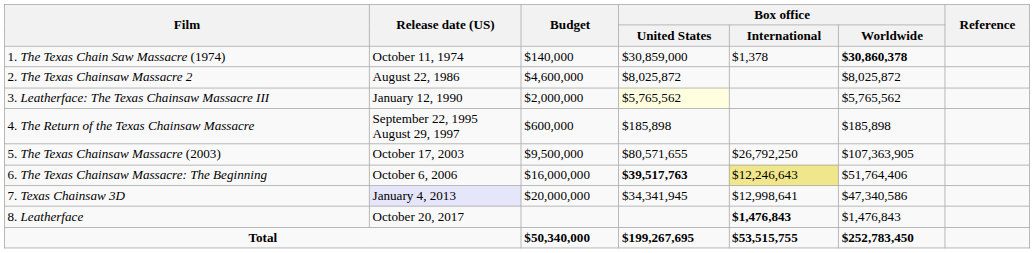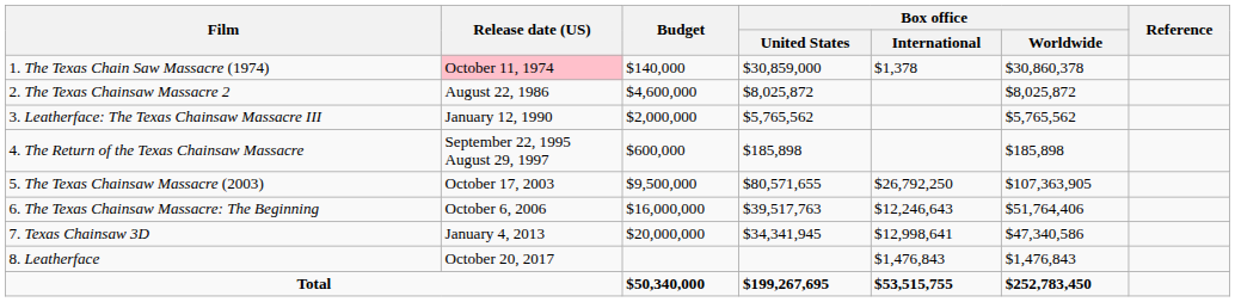 <table class="wikitable sortable" width=99% border="1">
 <tr>
 <th rowspan="2">Film</th>
 <th rowspan="2">Release date (US)</th>
 <th rowspan="2">Budget</th>
 <th colspan="3">Box office</th>
 <th rowspan="2">Reference</th>
 </tr>
 <tr>
 <th>United States</th>
 <th>International</th>
 <th>Worldwide</th>
 </tr>
 <tr>
 <td>1. <em>The Texas Chain Saw Massacre</em> (1974)</td>
-<td>October 11, 1974</td>
+<td style="background: pink;">October 11, 1974</td>
 <td>$140,000</td>
 <td>$30,859,000</td>
 <td>$1,378</td>
-<td><strong>$30,860,378</strong></td>
+<td>$30,860,378</td>
 <td style="text-align:center;"></td>
 </tr>
 <tr>
 <td>2. <em>The Texas Chainsaw Massacre 2</em></td>
 <td>August 22, 1986</td>
 <td>$4,600,000</td>
 <td>$8,025,872</td>
 <td></td>
 <td>$8,025,872</td>
 <td style="text-align:center;"></td>
 </tr>
 <tr>
 <td>3. <em>Leatherface: The Texas Chainsaw Massacre III</em></td>
 <td>January 12, 1990</td>
 <td>$2,000,000</td>
-<td style="background: lightyellow;">$5,765,562</td>
+<td>$5,765,562</td>
 <td></td>
 <td>$5,765,562</td>
 <td style="text-align:center;"></td>
 </tr>
 <tr>
 <td>4. <em>The Return of the Texas Chainsaw Massacre</em></td>
 <td>September 22, 1995 <br>August 29, 1997</td>
 <td>$600,000</td>
 <td>$185,898</td>
 <td></td>
 <td>$185,898</td>
 <td style="text-align:center;"></td>
 </tr>
 <tr>
 <td>5. <em>The Texas Chainsaw Massacre</em> (2003)</td>
 <td>October 17, 2003</td>
 <td>$9,500,000</td>
 <td>$80,571,655</td>
 <td>$26,792,250</td>
 <td>$107,363,905</td>
 <td style="text-align:center;"></td>
 </tr>
 <tr>
 <td>6. <em>The Texas Chainsaw Massacre: The Beginning</em></td>
 <td>October 6, 2006</td>
 <td>$16,000,000</td>
-<td><strong>$39,517,763</strong></td>
-<td style="background: khaki;">$12,246,643</td>
+<td>$39,517,763</td>
+<td>$12,246,643</td>
 <td>$51,764,406</td>
 <td style="text-align:center;"></td>
 </tr>
 <tr>
 <td>7. <em>Texas Chainsaw 3D</em></td>
-<td style="background: lavender;">January 4, 2013</td>
+<td>January 4, 2013</td>
 <td>$20,000,000</td>
 <td>$34,341,945</td>
 <td>$12,998,641</td>
 <td>$47,340,586</td>
 <td style="text-align:center;"></td>
 </tr>
 <tr>
 <td>8. <em>Leatherface</em></td>
 <td>October 20, 2017</td>
 <td></td>
 <td></td>
-<td><strong>$1,476,843</strong></td>
+<td>$1,476,843</td>
 <td>$1,476,843</td>
 <td style="text-align:center;"></td>
 </tr>
 <tr>
 <td colspan="2" style="text-align:center;"><strong>Total</strong></td>
 <td><strong>$50,340,000</strong></td>
 <td><strong>$199,267,695</strong></td>
 <td><strong>$53,515,755</strong></td>
 <td><strong>$252,783,450</strong></td>
 <td></td>
 </tr>
 </table>
